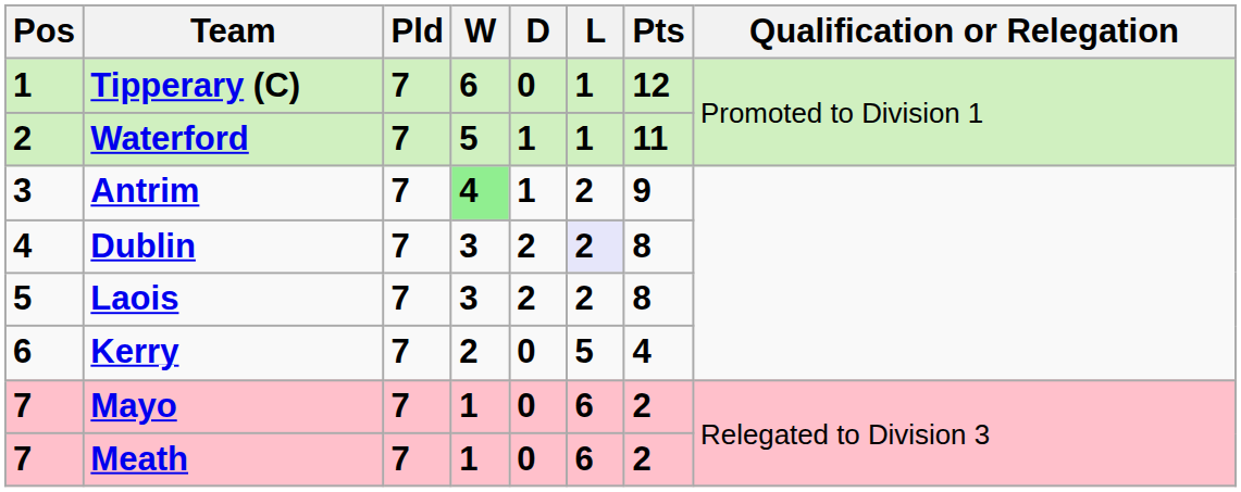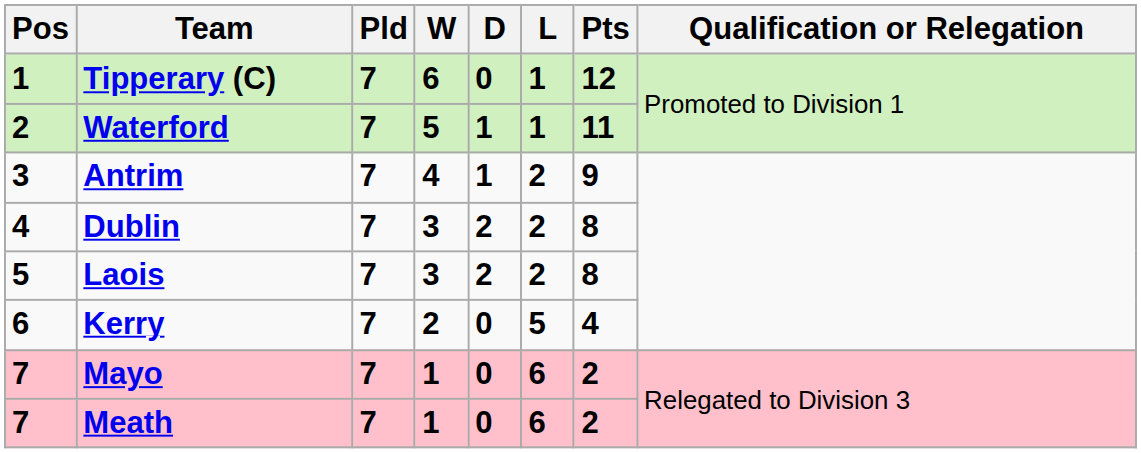 <table class="wikitable" style="text-align: centre;">
 <tr>
 <th width=20>Pos</th>
 <th width=135>Team</th>
 <th width=20>Pld</th>
 <th width=20>W</th>
 <th width=20>D</th>
 <th width=20>L</th>
 <th width=20>Pts</th>
 <th width=250>Qualification or Relegation</th>
 </tr>
 <tr style="background:#D0F0C0;">
 <td><strong>1</strong></td>
 <td align=left><strong> <a href='#'>Tipperary</a> (C)</strong></td>
 <td><strong>7</strong></td>
 <td><strong>6</strong></td>
 <td><strong>0</strong></td>
 <td><strong>1</strong></td>
 <td><strong>12</strong></td>
 <td rowspan="2"><small> Promoted to Division 1</small></td>
 </tr>
 <tr style="background:#D0F0C0;">
 <td><strong>2</strong></td>
 <td align=left><strong> <a href='#'>Waterford</a></strong></td>
 <td><strong>7</strong></td>
 <td><strong>5</strong></td>
 <td><strong>1</strong></td>
 <td><strong>1</strong></td>
 <td><strong>11</strong></td>
 </tr>
 <tr style>
 <td><strong>3</strong></td>
 <td align=left><strong> <a href='#'>Antrim</a> </strong></td>
 <td><strong>7</strong></td>
-<td style="background: lightgreen;"><strong>4</strong></td>
+<td><strong>4</strong></td>
 <td><strong>1</strong></td>
 <td><strong>2</strong></td>
 <td><strong>9</strong></td>
 </tr>
 <tr style>
 <td><strong>4</strong></td>
 <td align=left><strong> <a href='#'>Dublin</a> </strong></td>
 <td><strong>7</strong></td>
 <td><strong>3</strong></td>
 <td><strong>2</strong></td>
-<td style="background: lavender;"><strong>2</strong></td>
+<td><strong>2</strong></td>
 <td><strong>8</strong></td>
 </tr>
 <tr style>
 <td><strong>5</strong></td>
 <td align=left><strong> <a href='#'>Laois</a> </strong></td>
 <td><strong>7</strong></td>
 <td><strong>3</strong></td>
 <td><strong>2</strong></td>
 <td><strong>2</strong></td>
 <td><strong>8</strong></td>
 </tr>
 <tr style>
 <td><strong>6</strong></td>
 <td align=left><strong> <a href='#'>Kerry</a> </strong></td>
 <td><strong>7</strong></td>
 <td><strong>2</strong></td>
 <td><strong>0</strong></td>
 <td><strong>5</strong></td>
 <td><strong>4</strong></td>
 </tr>
 <tr style="background:#FFC0CB;">
 <td><strong>7</strong></td>
 <td align=left><strong> <a href='#'>Mayo</a></strong></td>
 <td><strong>7</strong></td>
 <td><strong>1</strong></td>
 <td><strong>0</strong></td>
 <td><strong>6</strong></td>
 <td><strong>2</strong></td>
 <td rowspan="2"><small> Relegated to Division 3</small></td>
 </tr>
 <tr style="background:#FFC0CB;">
 <td><strong>7</strong></td>
 <td align=left><strong> <a href='#'>Meath</a></strong></td>
 <td><strong>7</strong></td>
 <td><strong>1</strong></td>
 <td><strong>0</strong></td>
 <td><strong>6</strong></td>
 <td><strong>2</strong></td>
 </tr>
 </table>
